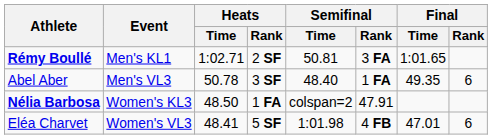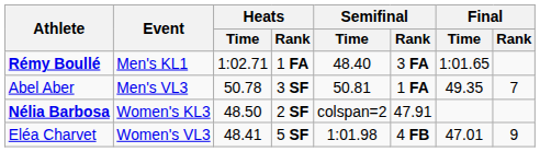 <table class="wikitable" style="font-size:90%">
 <tr>
 <th rowspan="2">Athlete</th>
 <th rowspan="2">Event</th>
 <th colspan="2">Heats</th>
 <th colspan="2">Semifinal</th>
 <th colspan="2">Final</th>
 </tr>
 <tr style="font-size:95%">
 <th>Time</th>
 <th>Rank</th>
 <th>Time</th>
 <th>Rank</th>
 <th>Time</th>
 <th>Rank</th>
 </tr>
 <tr align=center>
 <td align=left><strong><a href='#'>Rémy Boullé</a></strong></td>
 <td align=left><a href='#'>Men's KL1</a></td>
 <td>1:02.71</td>
-<td>2 <strong>SF</strong></td>
-<td>50.81</td>
+<td>1 <strong>FA</strong></td>
+<td>48.40</td>
 <td>3 <strong>FA</strong></td>
 <td>1:01.65</td>
 <td></td>
 </tr>
 <tr align=center>
 <td align=left><a href='#'>Abel Aber</a></td>
 <td align=left><a href='#'>Men's VL3</a></td>
 <td>50.78</td>
 <td>3 <strong>SF</strong></td>
-<td>48.40</td>
+<td>50.81</td>
 <td>1 <strong>FA</strong></td>
 <td>49.35</td>
-<td>6</td>
+<td>7</td>
 </tr>
 <tr align=center>
 <td align=left><strong><a href='#'>Nélia Barbosa</a></strong></td>
 <td align=left><a href='#'>Women's KL3</a></td>
 <td>48.50</td>
-<td>1 <strong>FA</strong></td>
+<td>2 <strong>SF</strong></td>
 <td>colspan=2 </td>
 <td>47.91</td>
 <td></td>
 </tr>
 <tr align=center>
 <td align=left><a href='#'>Eléa Charvet</a></td>
 <td align=left><a href='#'>Women's VL3</a></td>
 <td>48.41</td>
 <td>5 <strong>SF</strong></td>
 <td>1:01.98</td>
 <td>4 <strong>FB</strong></td>
 <td>47.01</td>
-<td>6</td>
+<td>9</td>
 </tr>
 </table>
